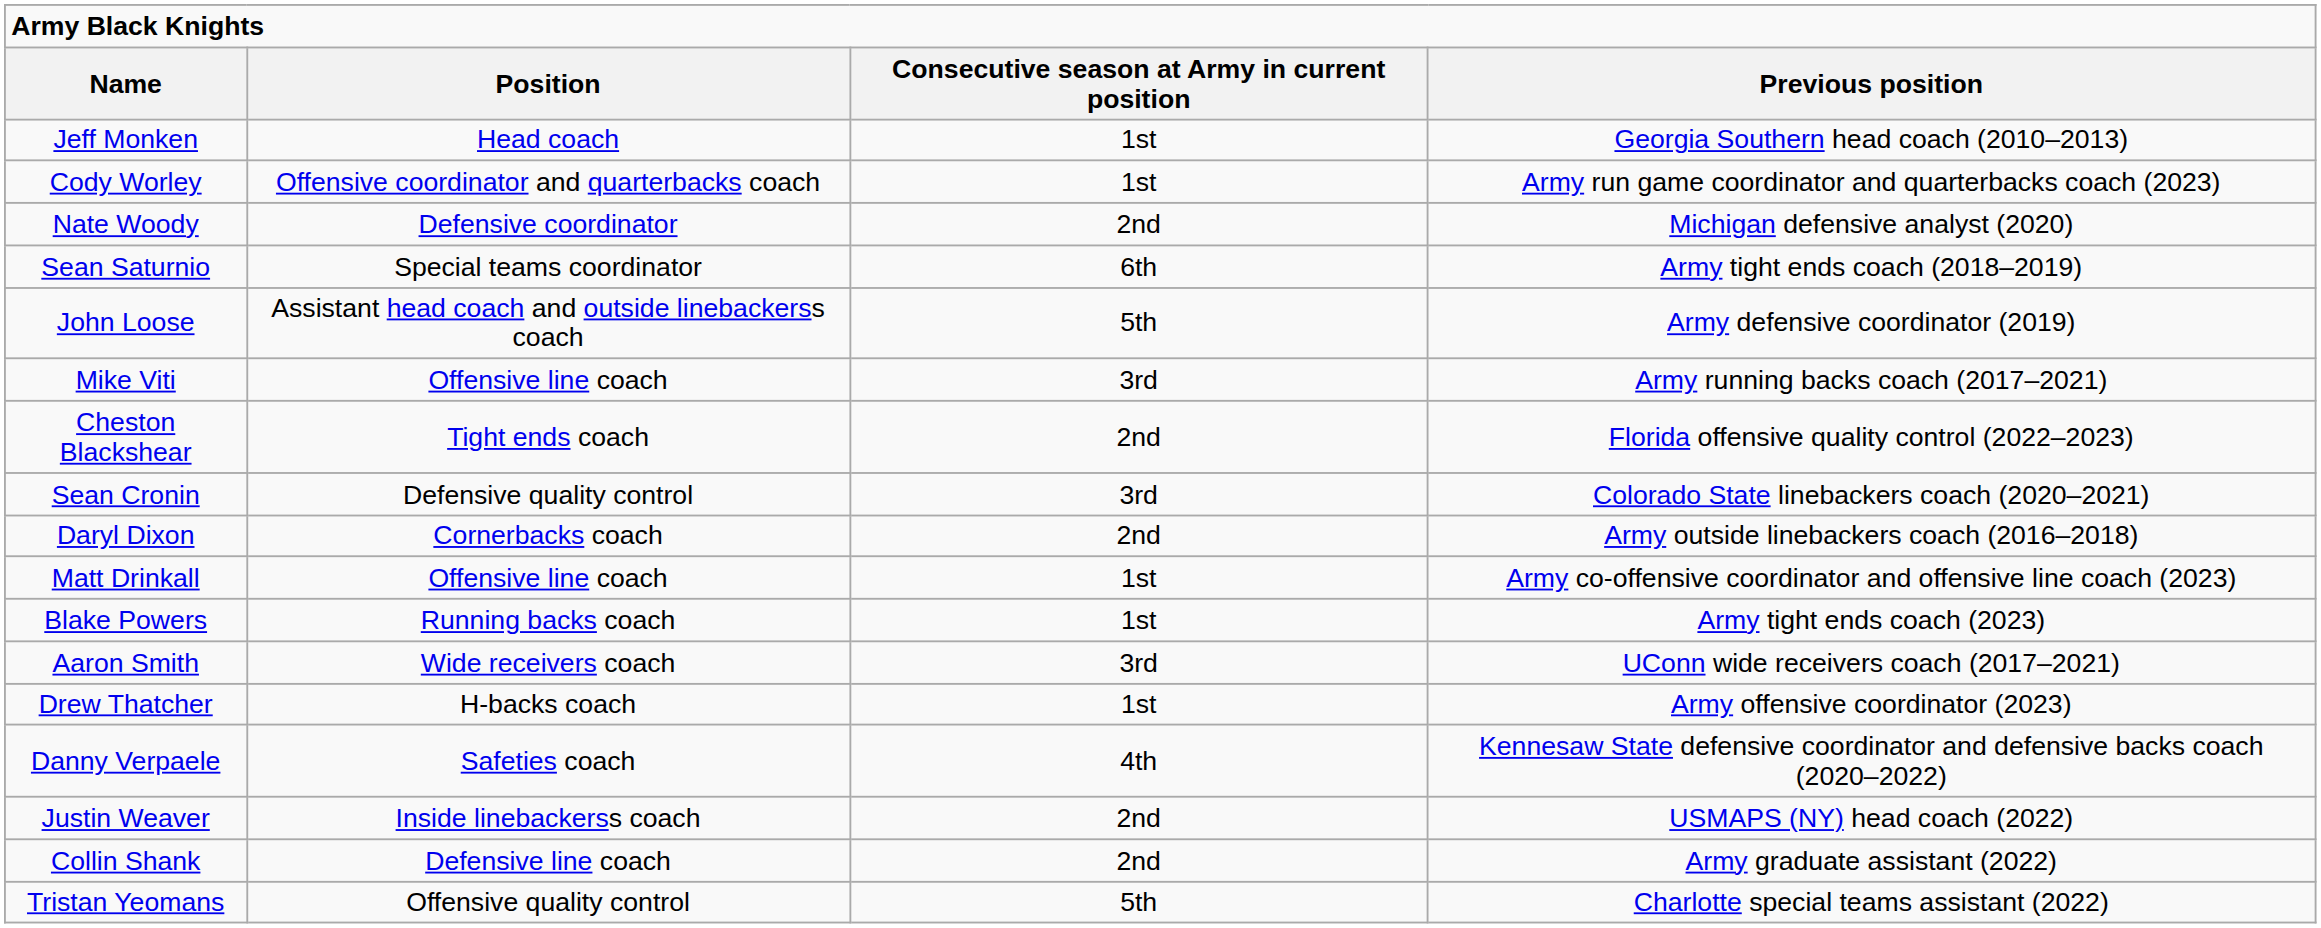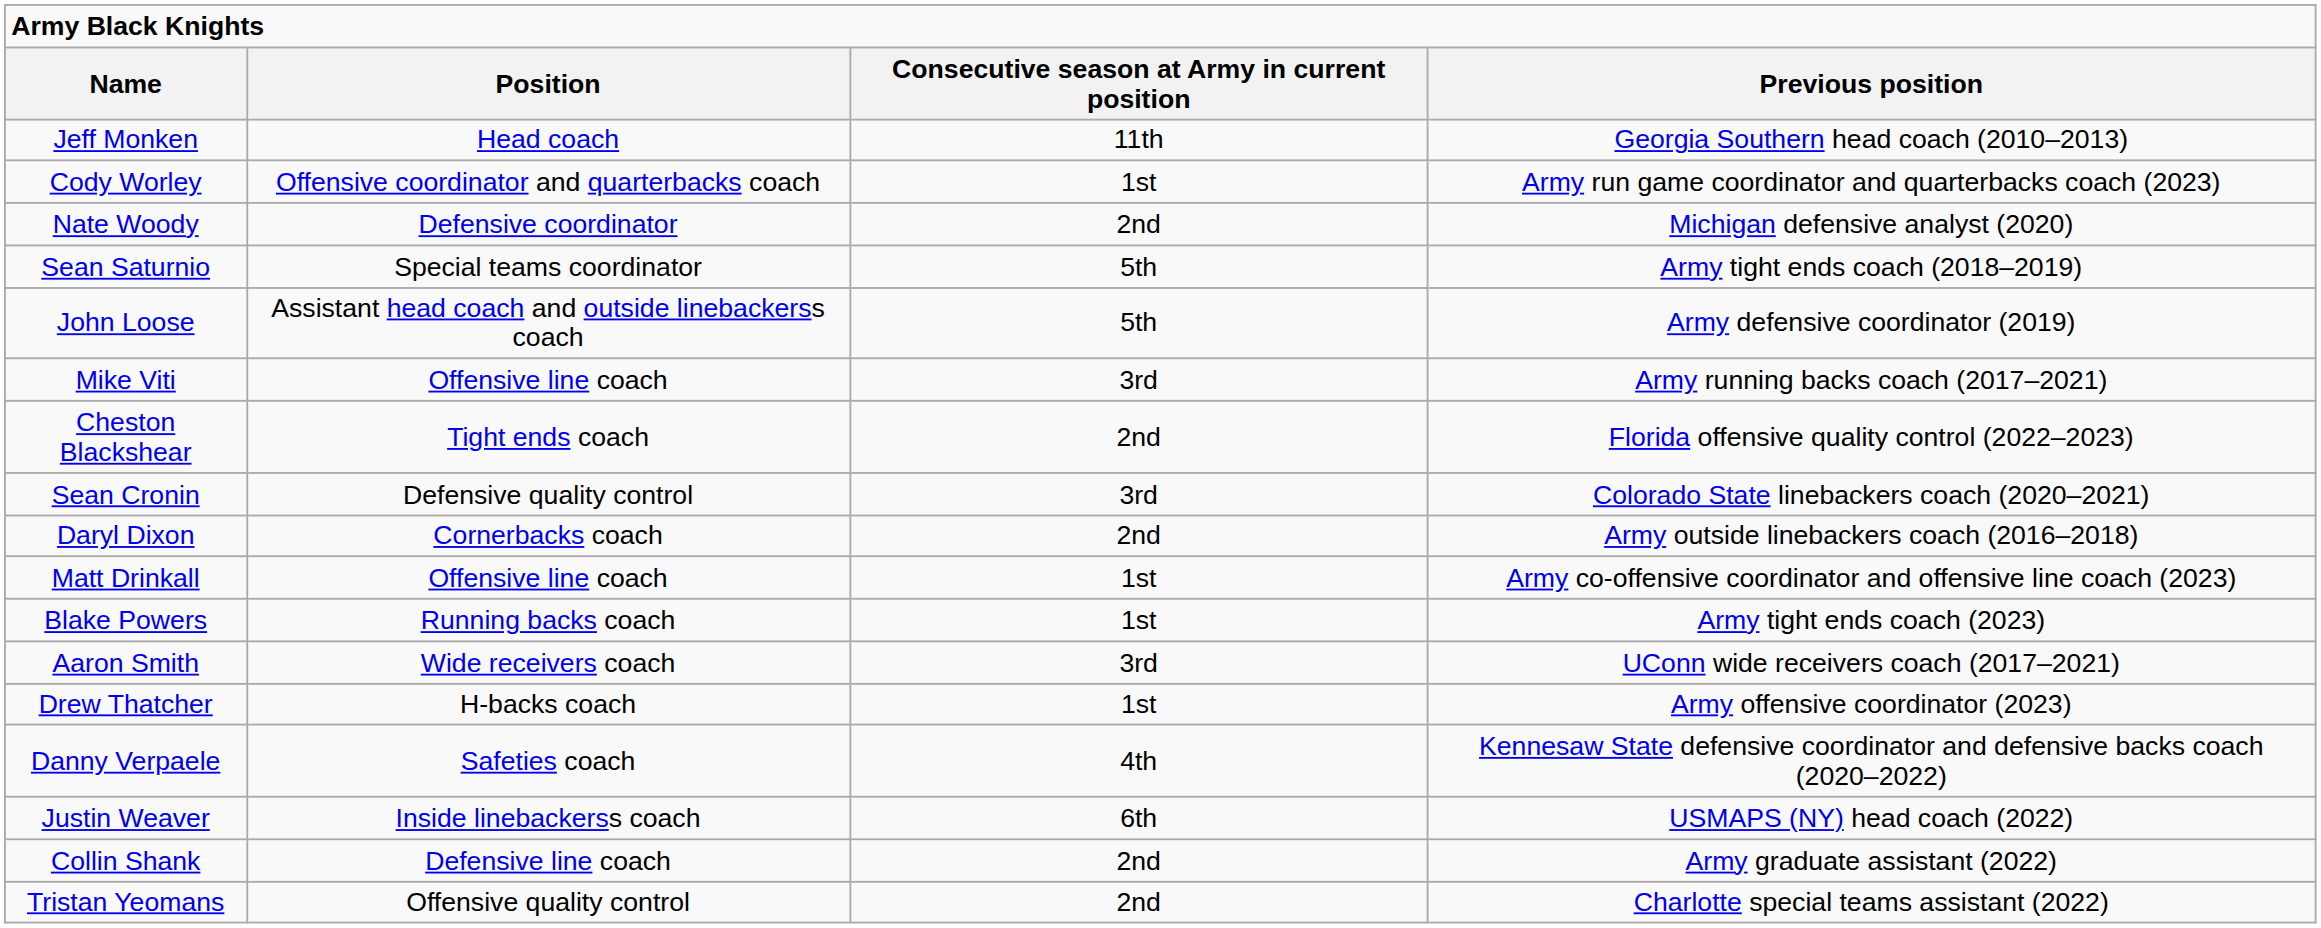 <table class="wikitable" style="font-size:90%;">
 <tr>
 <td colspan=5><strong>Army Black Knights</strong></td>
 </tr>
 <tr align="center";>
 <th>Name</th>
 <th>Position</th>
 <th>Consecutive season at Army in current position</th>
 <th>Previous position</th>
 </tr>
 <tr align="center";>
 <td><a href='#'>Jeff Monken</a></td>
 <td><a href='#'>Head coach</a></td>
-<td>1st</td>
+<td>11th</td>
 <td><a href='#'>Georgia Southern</a> head coach (2010–2013)</td>
 </tr>
 <tr align="center" ;>
 <td><a href='#'>Cody Worley</a></td>
 <td><a href='#'>Offensive coordinator</a> and <a href='#'>quarterbacks</a> coach</td>
 <td>1st</td>
 <td><a href='#'>Army</a> run game coordinator and quarterbacks coach (2023)</td>
 </tr>
 <tr align="center" ;>
 <td><a href='#'>Nate Woody</a></td>
 <td><a href='#'>Defensive coordinator</a></td>
 <td>2nd</td>
 <td><a href='#'>Michigan</a> defensive analyst (2020)</td>
 </tr>
 <tr align="center" ;>
 <td><a href='#'>Sean Saturnio</a></td>
 <td>Special teams coordinator</td>
-<td>6th</td>
+<td>5th</td>
 <td><a href='#'>Army</a> tight ends coach (2018–2019)</td>
 </tr>
 <tr align="center" ;>
 <td><a href='#'>John Loose</a></td>
 <td>Assistant <a href='#'>head coach</a> and <a href='#'>outside linebackers</a>s coach</td>
 <td>5th</td>
 <td><a href='#'>Army</a> defensive coordinator (2019)</td>
 </tr>
 <tr align="center" ;>
 <td><a href='#'>Mike Viti</a></td>
 <td><a href='#'>Offensive line</a> coach</td>
 <td>3rd</td>
 <td><a href='#'>Army</a> running backs coach (2017–2021)</td>
 </tr>
 <tr align="center" ;>
 <td><a href='#'>Cheston Blackshear</a></td>
 <td><a href='#'>Tight ends</a> coach</td>
 <td>2nd</td>
 <td><a href='#'>Florida</a> offensive quality control (2022–2023)</td>
 </tr>
 <tr align="center" ;>
 <td><a href='#'>Sean Cronin</a></td>
 <td>Defensive quality control</td>
 <td>3rd</td>
 <td><a href='#'>Colorado State</a> linebackers coach (2020–2021)</td>
 </tr>
 <tr align="center" ;>
 <td><a href='#'>Daryl Dixon</a></td>
 <td><a href='#'>Cornerbacks</a> coach</td>
 <td>2nd</td>
 <td><a href='#'>Army</a> outside linebackers coach (2016–2018)</td>
 </tr>
 <tr align="center" ;>
 <td><a href='#'>Matt Drinkall</a></td>
 <td><a href='#'>Offensive line</a> coach</td>
 <td>1st</td>
 <td><a href='#'>Army</a> co-offensive coordinator and offensive line coach (2023)</td>
 </tr>
 <tr align="center" ;>
 <td><a href='#'>Blake Powers</a></td>
 <td><a href='#'>Running backs</a> coach</td>
 <td>1st</td>
 <td><a href='#'>Army</a> tight ends coach (2023)</td>
 </tr>
 <tr align="center" ;>
 <td><a href='#'>Aaron Smith</a></td>
 <td><a href='#'>Wide receivers</a> coach</td>
 <td>3rd</td>
 <td><a href='#'>UConn</a> wide receivers coach (2017–2021)</td>
 </tr>
 <tr align="center" ;>
 <td><a href='#'>Drew Thatcher</a></td>
 <td>H-backs coach</td>
 <td>1st</td>
 <td><a href='#'>Army</a> offensive coordinator (2023)</td>
 </tr>
 <tr align="center" ;>
 <td><a href='#'>Danny Verpaele</a></td>
 <td><a href='#'>Safeties</a> coach</td>
 <td>4th</td>
 <td><a href='#'>Kennesaw State</a> defensive coordinator and defensive backs coach (2020–2022)</td>
 </tr>
 <tr align="center" ;>
 <td><a href='#'>Justin Weaver</a></td>
 <td><a href='#'>Inside linebackers</a>s coach</td>
-<td>2nd</td>
+<td>6th</td>
 <td><a href='#'>USMAPS (NY)</a> head coach (2022)</td>
 </tr>
 <tr align="center" ;>
 <td><a href='#'>Collin Shank</a></td>
 <td><a href='#'>Defensive line</a> coach</td>
 <td>2nd</td>
 <td><a href='#'>Army</a> graduate assistant (2022)</td>
 </tr>
 <tr align="center" ;>
 <td><a href='#'>Tristan Yeomans</a></td>
 <td>Offensive quality control</td>
-<td>5th</td>
+<td>2nd</td>
 <td><a href='#'>Charlotte</a> special teams assistant (2022)</td>
 </tr>
 </table>
